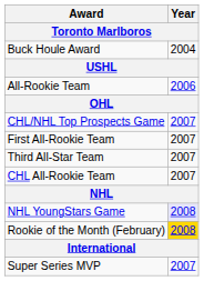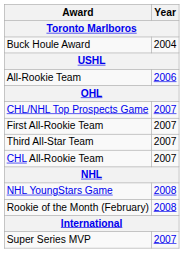 <table class="wikitable">
 <tr>
 <th>Award</th>
 <th>Year</th>
 </tr>
 <tr>
 <th colspan="3"><a href='#'>Toronto Marlboros</a></th>
 </tr>
 <tr>
 <td>Buck Houle Award</td>
 <td>2004</td>
 </tr>
 <tr>
 <th colspan="3"><a href='#'>USHL</a></th>
 </tr>
 <tr>
 <td>All-Rookie Team</td>
 <td><a href='#'>2006</a></td>
 </tr>
 <tr>
 <th colspan="3"><a href='#'>OHL</a></th>
 </tr>
 <tr>
 <td><a href='#'>CHL/NHL Top Prospects Game</a></td>
 <td><a href='#'>2007</a></td>
 </tr>
 <tr>
 <td>First All-Rookie Team</td>
 <td>2007</td>
 </tr>
 <tr>
 <td>Third All-Star Team</td>
 <td>2007</td>
 </tr>
 <tr>
 <td><a href='#'>CHL</a> All-Rookie Team</td>
 <td>2007</td>
 </tr>
 <tr>
 <th colspan="3"><a href='#'>NHL</a></th>
 </tr>
 <tr>
 <td><a href='#'>NHL YoungStars Game</a></td>
-<td style="background: lavender;"><a href='#'>2008</a></td>
+<td><a href='#'>2008</a></td>
 </tr>
 <tr>
 <td>Rookie of the Month (February)</td>
-<td style="background: gold;"><a href='#'>2008</a></td>
+<td><a href='#'>2008</a></td>
 </tr>
 <tr>
 <th colspan="3"><a href='#'>International</a></th>
 </tr>
 <tr>
 <td>Super Series MVP</td>
 <td><a href='#'>2007</a></td>
 </tr>
 </table>
